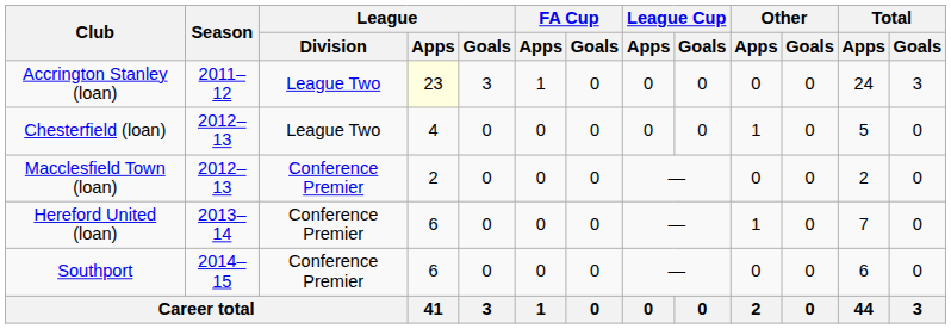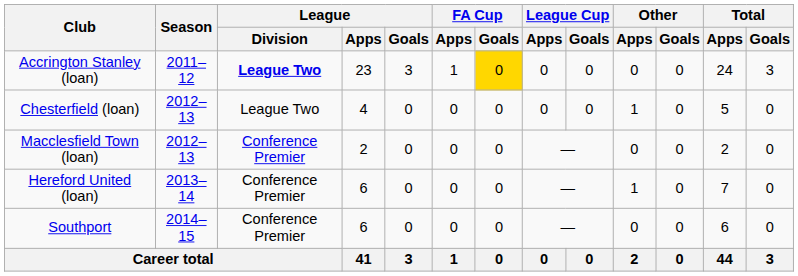 <table class="wikitable" style="text-align: center;">
 <tr>
 <th rowspan="2">Club</th>
 <th rowspan="2">Season</th>
 <th colspan="3">League</th>
 <th colspan="2"><a href='#'>FA Cup</a></th>
 <th colspan="2"><a href='#'>League Cup</a></th>
 <th colspan="2">Other</th>
 <th colspan="2">Total</th>
 </tr>
 <tr>
 <th>Division</th>
 <th>Apps</th>
 <th>Goals</th>
 <th>Apps</th>
 <th>Goals</th>
 <th>Apps</th>
 <th>Goals</th>
 <th>Apps</th>
 <th>Goals</th>
 <th>Apps</th>
 <th>Goals</th>
 </tr>
 <tr>
 <td rowspan="1"><a href='#'>Accrington Stanley</a> (loan)</td>
 <td><a href='#'>2011–12</a></td>
-<td><a href='#'>League Two</a></td>
-<td style="background: lightyellow;">23</td>
+<td><strong><a href='#'>League Two</a></strong></td>
+<td>23</td>
 <td>3</td>
 <td>1</td>
-<td>0</td>
+<td style="background: gold;">0</td>
 <td>0</td>
 <td>0</td>
 <td>0</td>
 <td>0</td>
 <td>24</td>
 <td>3</td>
 </tr>
 <tr>
 <td rowspan="1"><a href='#'>Chesterfield</a> (loan)</td>
 <td><a href='#'>2012–13</a></td>
 <td>League Two</td>
 <td>4</td>
 <td>0</td>
 <td>0</td>
 <td>0</td>
 <td>0</td>
 <td>0</td>
 <td>1</td>
 <td>0</td>
 <td>5</td>
 <td>0</td>
 </tr>
 <tr>
 <td rowspan="1"><a href='#'>Macclesfield Town</a> (loan)</td>
 <td><a href='#'>2012–13</a></td>
 <td><a href='#'>Conference Premier</a></td>
 <td>2</td>
 <td>0</td>
 <td>0</td>
 <td>0</td>
 <td colspan="2">—</td>
 <td>0</td>
 <td>0</td>
 <td>2</td>
 <td>0</td>
 </tr>
 <tr>
 <td rowspan="1"><a href='#'>Hereford United</a> (loan)</td>
 <td><a href='#'>2013–14</a></td>
 <td>Conference Premier</td>
 <td>6</td>
 <td>0</td>
 <td>0</td>
 <td>0</td>
 <td colspan="2">—</td>
 <td>1</td>
 <td>0</td>
 <td>7</td>
 <td>0</td>
 </tr>
 <tr>
 <td rowspan="1"><a href='#'>Southport</a></td>
 <td><a href='#'>2014–15</a></td>
 <td>Conference Premier</td>
 <td>6</td>
 <td>0</td>
 <td>0</td>
 <td>0</td>
 <td colspan="2">—</td>
 <td>0</td>
 <td>0</td>
 <td>6</td>
 <td>0</td>
 </tr>
 <tr>
 <th colspan="3">Career total</th>
 <th>41</th>
 <th>3</th>
 <th>1</th>
 <th>0</th>
 <th>0</th>
 <th>0</th>
 <th>2</th>
 <th>0</th>
 <th>44</th>
 <th>3</th>
 </tr>
 </table>
